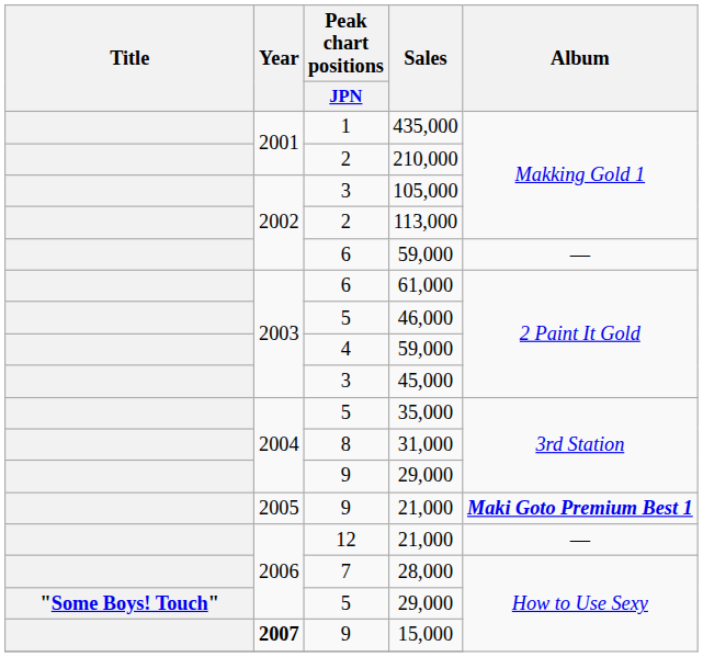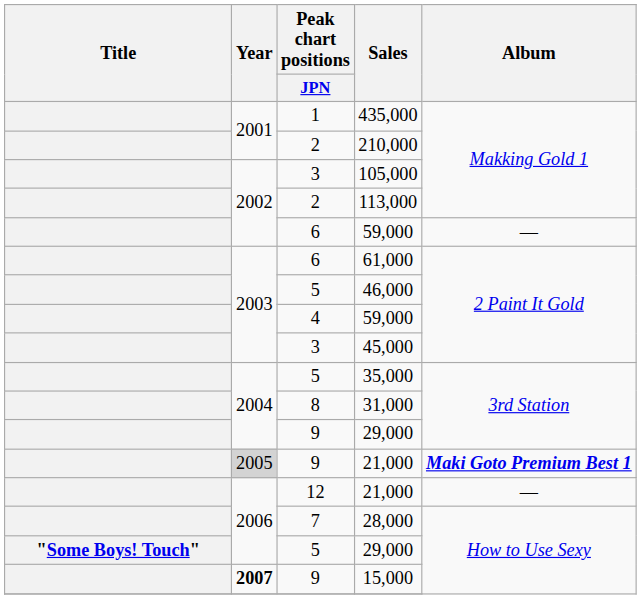 <table class="wikitable plainrowheaders" style="text-align:center;">
 <tr>
 <th scope="col" rowspan="2" style="width:12em;">Title</th>
 <th scope="col" rowspan="2">Year</th>
 <th scope="col" colspan="1">Peak chart positions</th>
 <th scope="col" rowspan="2">Sales</th>
 <th scope="col" rowspan="2">Album</th>
 </tr>
 <tr>
 <th scope="col" style="width:3em;font-size:90%;"><a href='#'>JPN</a></th>
 </tr>
 <tr>
 <th scope="row"></th>
 <td rowspan="2">2001</td>
 <td>1</td>
 <td>435,000</td>
 <td rowspan="4"><em><a href='#'>Makking Gold 1</a></em></td>
 </tr>
 <tr>
 <th scope="row"></th>
 <td>2</td>
 <td>210,000</td>
 </tr>
 <tr>
 <th scope="row"></th>
 <td rowspan="3">2002</td>
 <td>3</td>
 <td>105,000</td>
 </tr>
 <tr>
 <th scope="row"></th>
 <td>2</td>
 <td>113,000</td>
 </tr>
 <tr>
 <th scope="row"></th>
 <td>6</td>
 <td>59,000</td>
 <td>—</td>
 </tr>
 <tr>
 <th scope="row"></th>
 <td rowspan="4">2003</td>
 <td>6</td>
 <td>61,000</td>
 <td rowspan="4"><em><a href='#'>2 Paint It Gold</a></em></td>
 </tr>
 <tr>
 <th scope="row"></th>
 <td>5</td>
 <td>46,000</td>
 </tr>
 <tr>
 <th scope="row"></th>
 <td>4</td>
 <td>59,000</td>
 </tr>
 <tr>
 <th scope="row"></th>
 <td>3</td>
 <td>45,000</td>
 </tr>
 <tr>
 <th scope="row"></th>
 <td rowspan="3">2004</td>
 <td>5</td>
 <td>35,000</td>
 <td rowspan="3"><em><a href='#'>3rd Station</a></em></td>
 </tr>
 <tr>
 <th scope="row"></th>
 <td>8</td>
 <td>31,000</td>
 </tr>
 <tr>
 <th scope="row"></th>
 <td>9</td>
 <td>29,000</td>
 </tr>
 <tr>
 <th scope="row"></th>
-<td>2005</td>
+<td style="background: lightgrey;">2005</td>
 <td>9</td>
 <td>21,000</td>
 <td><strong><em><a href='#'>Maki Goto Premium Best 1</a></em></strong></td>
 </tr>
 <tr>
 <th scope="row"></th>
 <td rowspan="3">2006</td>
 <td>12</td>
 <td>21,000</td>
 <td>—</td>
 </tr>
 <tr>
 <th scope="row"></th>
 <td>7</td>
 <td>28,000</td>
 <td rowspan="4"><em><a href='#'>How to Use Sexy</a></em></td>
 </tr>
 <tr>
 <th scope="row">"<a href='#'>Some Boys! Touch</a>"</th>
 <td>5</td>
 <td>29,000</td>
 </tr>
 <tr>
 <th scope="row"></th>
 <td><strong>2007</strong></td>
 <td>9</td>
 <td>15,000</td>
 </tr>
 <tr>
 </tr>
 </table>
